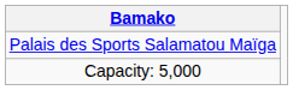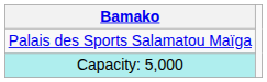 <table class="wikitable" style="text-align:center;">
 <tr>
 <th><a href='#'>Bamako</a></th>
 <td rowspan="4"><br></td>
 </tr>
 <tr>
 <td><a href='#'>Palais des Sports Salamatou Maïga</a></td>
 </tr>
 <tr>
-<td>Capacity: 5,000</td>
+<td style="background: paleturquoise;">Capacity: 5,000</td>
 </tr>
 </table>
